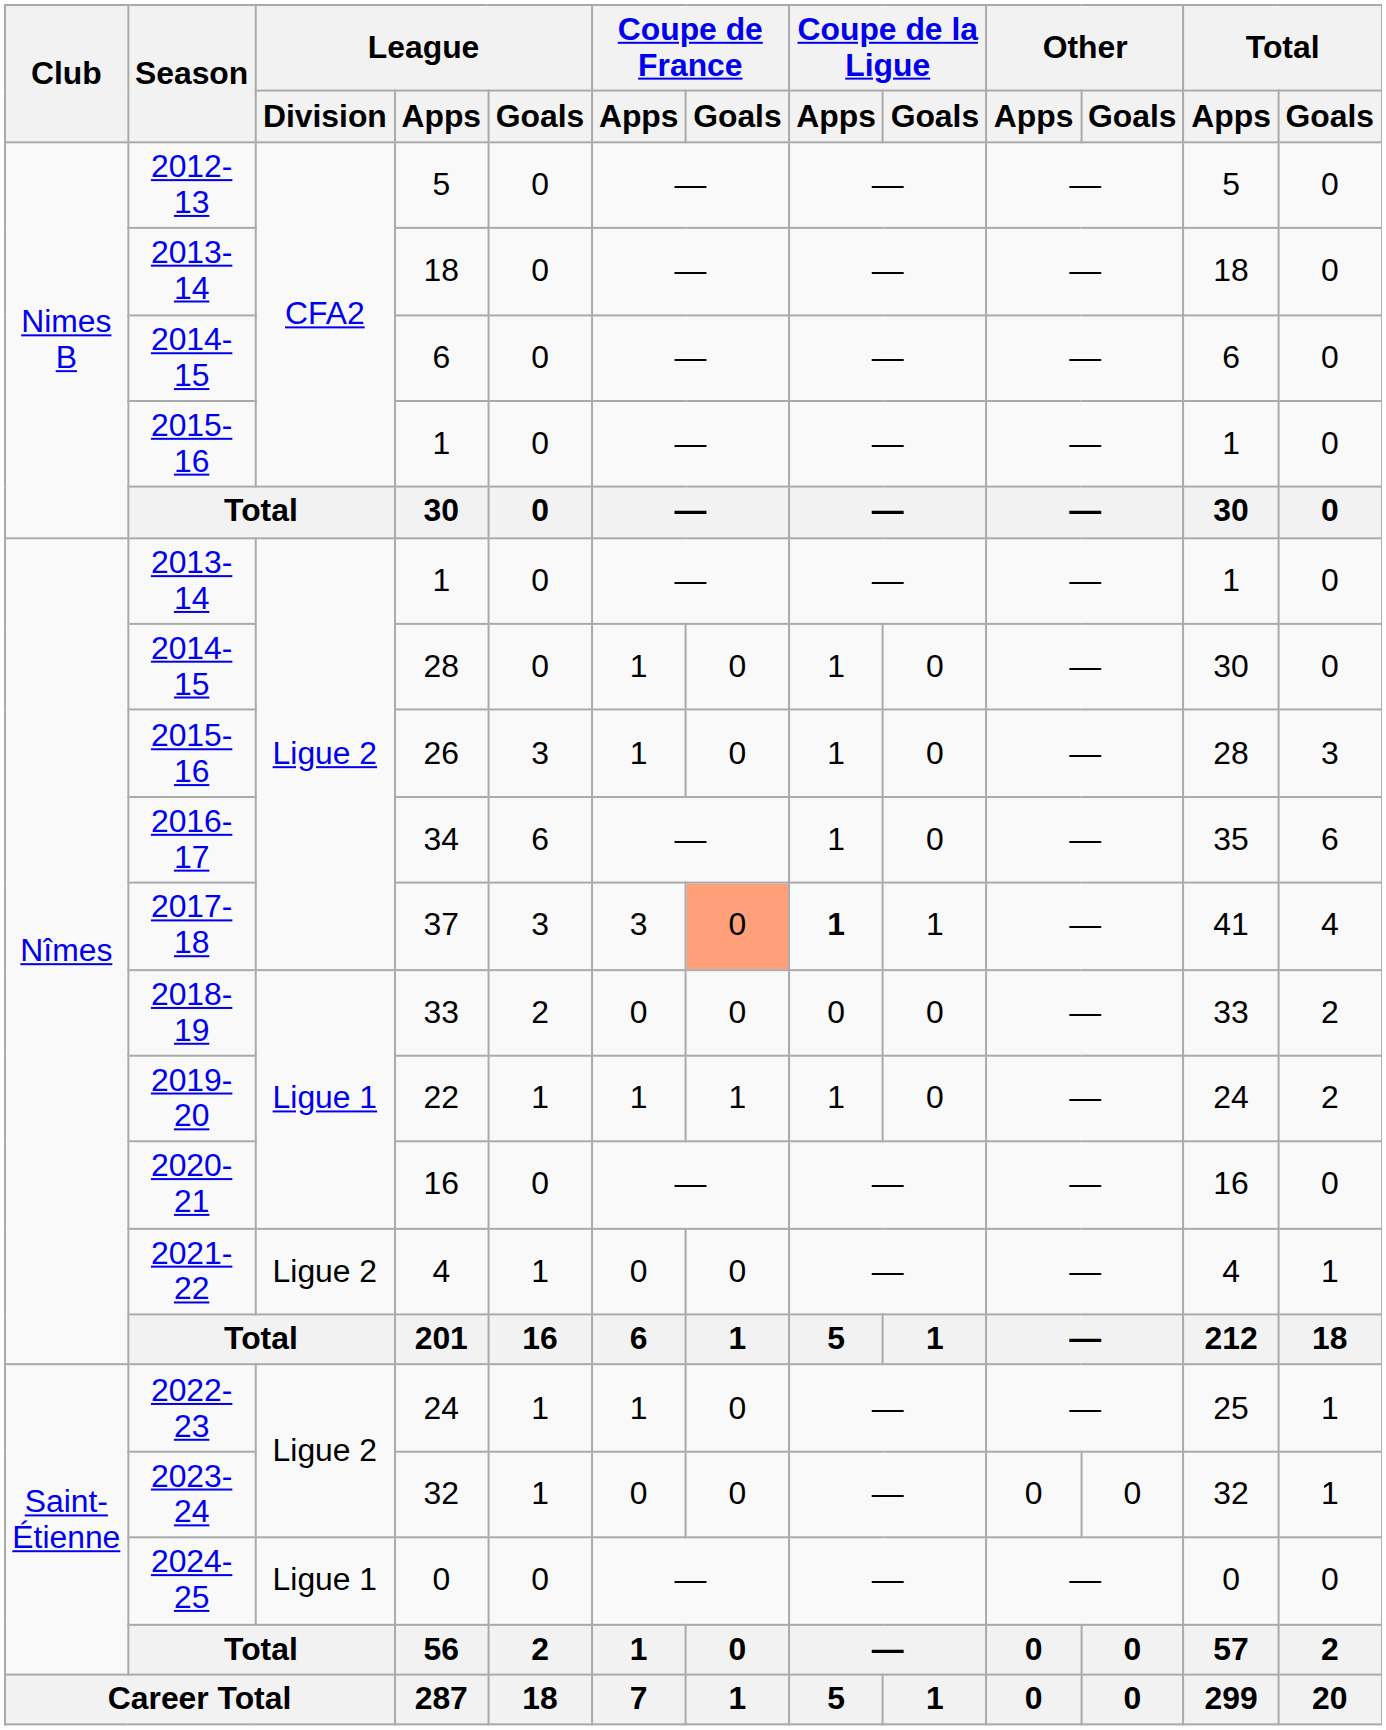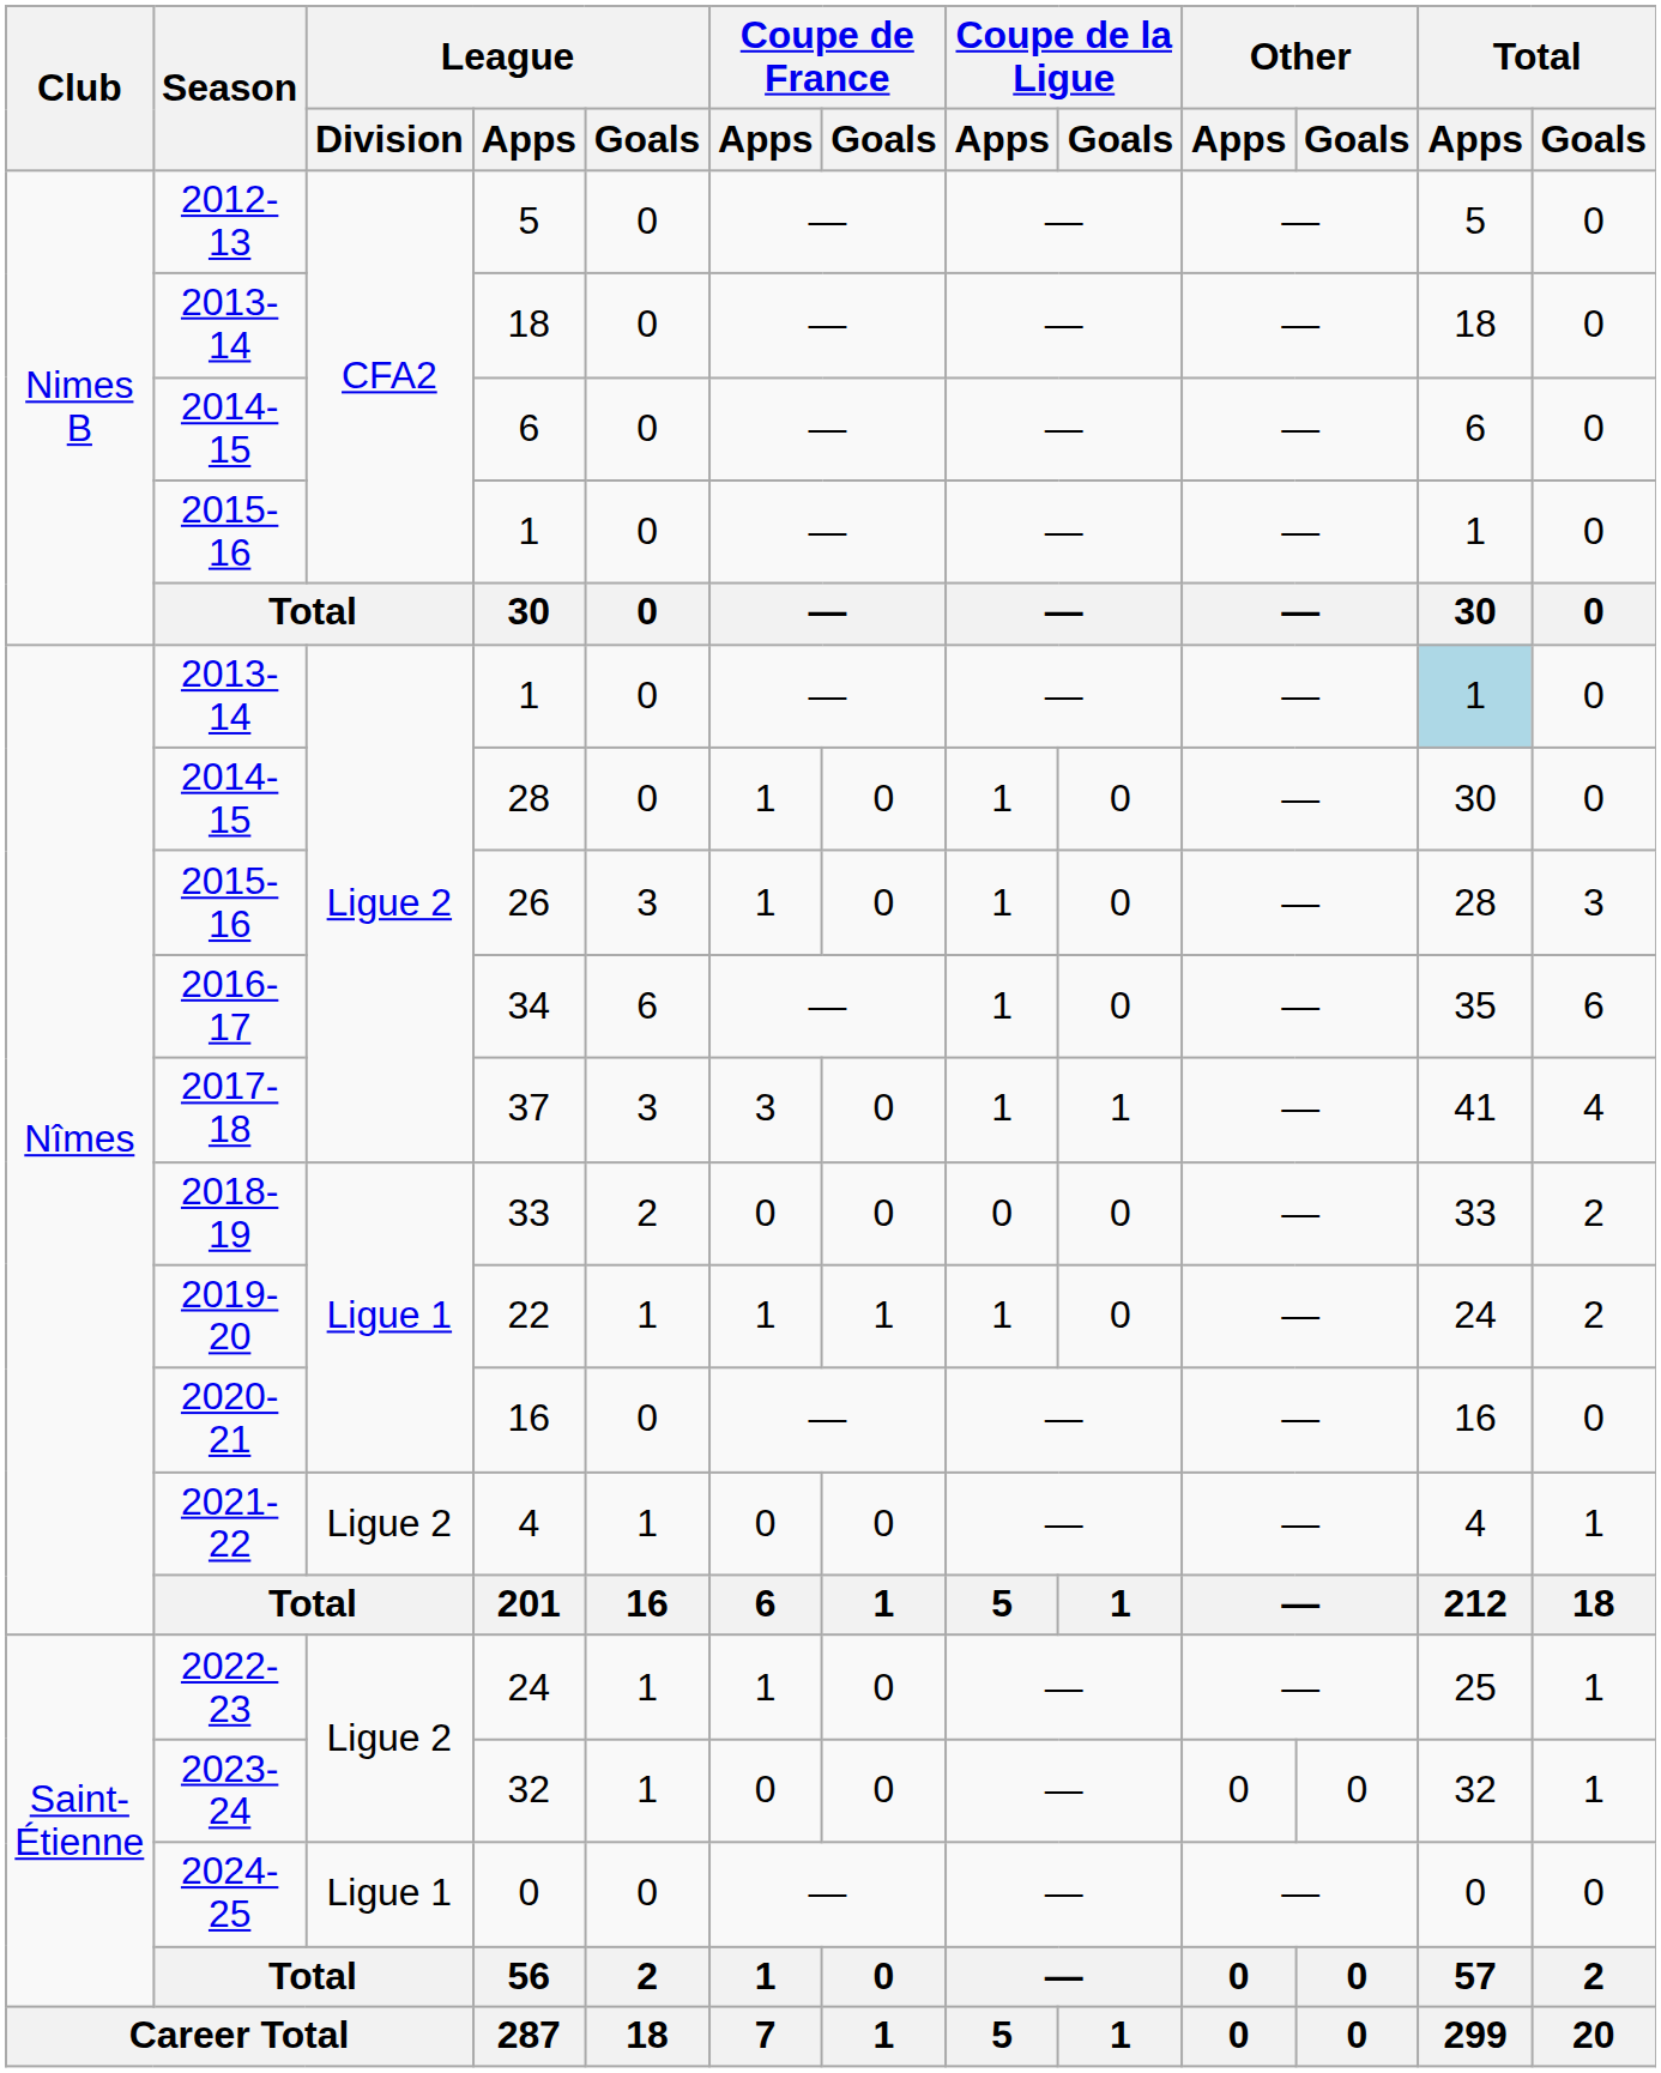 <table class="wikitable" style="text-align: center">
 <tr>
 <th rowspan="2">Club</th>
 <th rowspan="2">Season</th>
 <th colspan="3">League</th>
 <th colspan="2"><a href='#'>Coupe de France</a></th>
 <th colspan="2"><a href='#'>Coupe de la Ligue</a></th>
 <th colspan="2">Other</th>
 <th colspan="2">Total</th>
 </tr>
 <tr>
 <th>Division</th>
 <th>Apps</th>
 <th>Goals</th>
 <th>Apps</th>
 <th>Goals</th>
 <th>Apps</th>
 <th>Goals</th>
 <th>Apps</th>
 <th>Goals</th>
 <th>Apps</th>
 <th>Goals</th>
 </tr>
 <tr>
 <td rowspan="5"><a href='#'>Nimes B</a></td>
 <td><a href='#'>2012-13</a></td>
 <td rowspan="4"><a href='#'>CFA2</a></td>
 <td>5</td>
 <td>0</td>
 <td colspan="2">—</td>
 <td colspan="2">—</td>
 <td colspan="2">—</td>
 <td>5</td>
 <td>0</td>
 </tr>
 <tr>
 <td><a href='#'>2013-14</a></td>
 <td>18</td>
 <td>0</td>
 <td colspan="2">—</td>
 <td colspan="2">—</td>
 <td colspan="2">—</td>
 <td>18</td>
 <td>0</td>
 </tr>
 <tr>
 <td><a href='#'>2014-15</a></td>
 <td>6</td>
 <td>0</td>
 <td colspan="2">—</td>
 <td colspan="2">—</td>
 <td colspan="2">—</td>
 <td>6</td>
 <td>0</td>
 </tr>
 <tr>
 <td><a href='#'>2015-16</a></td>
 <td>1</td>
 <td>0</td>
 <td colspan="2">—</td>
 <td colspan="2">—</td>
 <td colspan="2">—</td>
 <td>1</td>
 <td>0</td>
 </tr>
 <tr>
 <th colspan="2">Total</th>
 <th>30</th>
 <th>0</th>
 <th colspan="2">—</th>
 <th colspan="2">—</th>
 <th colspan="2">—</th>
 <th>30</th>
 <th>0</th>
 </tr>
 <tr>
 <td rowspan="10"><a href='#'>Nîmes</a></td>
 <td><a href='#'>2013-14</a></td>
 <td rowspan="5"><a href='#'>Ligue 2</a></td>
 <td>1</td>
 <td>0</td>
 <td colspan="2">—</td>
 <td colspan="2">—</td>
 <td colspan="2">—</td>
-<td>1</td>
+<td style="background: lightblue;">1</td>
 <td>0</td>
 </tr>
 <tr>
 <td><a href='#'>2014-15</a></td>
 <td>28</td>
 <td>0</td>
 <td>1</td>
 <td>0</td>
 <td>1</td>
 <td>0</td>
 <td colspan="2">—</td>
 <td>30</td>
 <td>0</td>
 </tr>
 <tr>
 <td><a href='#'>2015-16</a></td>
 <td>26</td>
 <td>3</td>
 <td>1</td>
 <td>0</td>
 <td>1</td>
 <td>0</td>
 <td colspan="2">—</td>
 <td>28</td>
 <td>3</td>
 </tr>
 <tr>
 <td><a href='#'>2016-17</a></td>
 <td>34</td>
 <td>6</td>
 <td colspan="2">—</td>
 <td>1</td>
 <td>0</td>
 <td colspan="2">—</td>
 <td>35</td>
 <td>6</td>
 </tr>
 <tr>
 <td><a href='#'>2017-18</a></td>
 <td>37</td>
 <td>3</td>
 <td>3</td>
-<td style="background: lightsalmon;">0</td>
-<td><strong>1</strong></td>
+<td>0</td>
+<td>1</td>
 <td>1</td>
 <td colspan="2">—</td>
 <td>41</td>
 <td>4</td>
 </tr>
 <tr>
 <td><a href='#'>2018-19</a></td>
 <td rowspan="3"><a href='#'>Ligue 1</a></td>
 <td>33</td>
 <td>2</td>
 <td>0</td>
 <td>0</td>
 <td>0</td>
 <td>0</td>
 <td colspan="2">—</td>
 <td>33</td>
 <td>2</td>
 </tr>
 <tr>
 <td><a href='#'>2019-20</a></td>
 <td>22</td>
 <td>1</td>
 <td>1</td>
 <td>1</td>
 <td>1</td>
 <td>0</td>
 <td colspan="2">—</td>
 <td>24</td>
 <td>2</td>
 </tr>
 <tr>
 <td><a href='#'>2020-21</a></td>
 <td>16</td>
 <td>0</td>
 <td colspan="2">—</td>
 <td colspan="2">—</td>
 <td colspan="2">—</td>
 <td>16</td>
 <td>0</td>
 </tr>
 <tr>
 <td><a href='#'>2021-22</a></td>
 <td>Ligue 2</td>
 <td>4</td>
 <td>1</td>
 <td>0</td>
 <td>0</td>
 <td colspan="2">—</td>
 <td colspan="2">—</td>
 <td>4</td>
 <td>1</td>
 </tr>
 <tr>
 <th colspan="2">Total</th>
 <th>201</th>
 <th>16</th>
 <th>6</th>
 <th>1</th>
 <th>5</th>
 <th>1</th>
 <th colspan="2">—</th>
 <th>212</th>
 <th>18</th>
 </tr>
 <tr>
 <td rowspan="4"><a href='#'>Saint-Étienne</a></td>
 <td><a href='#'>2022-23</a></td>
 <td rowspan="2">Ligue 2</td>
 <td>24</td>
 <td>1</td>
 <td>1</td>
 <td>0</td>
 <td colspan="2">—</td>
 <td colspan="2">—</td>
 <td>25</td>
 <td>1</td>
 </tr>
 <tr>
 <td><a href='#'>2023-24</a></td>
 <td>32</td>
 <td>1</td>
 <td>0</td>
 <td>0</td>
 <td colspan="2">—</td>
 <td>0</td>
 <td>0</td>
 <td>32</td>
 <td>1</td>
 </tr>
 <tr>
 <td><a href='#'>2024-25</a></td>
 <td>Ligue 1</td>
 <td>0</td>
 <td>0</td>
 <td colspan="2">—</td>
 <td colspan="2">—</td>
 <td colspan="2">—</td>
 <td>0</td>
 <td>0</td>
 </tr>
 <tr>
 <th colspan="2">Total</th>
 <th>56</th>
 <th>2</th>
 <th>1</th>
 <th>0</th>
 <th colspan="2">—</th>
 <th>0</th>
 <th>0</th>
 <th>57</th>
 <th>2</th>
 </tr>
 <tr>
 <th colspan="3">Career Total</th>
 <th>287</th>
 <th>18</th>
 <th>7</th>
 <th>1</th>
 <th>5</th>
 <th>1</th>
 <th>0</th>
 <th>0</th>
 <th>299</th>
 <th>20</th>
 </tr>
 </table>
